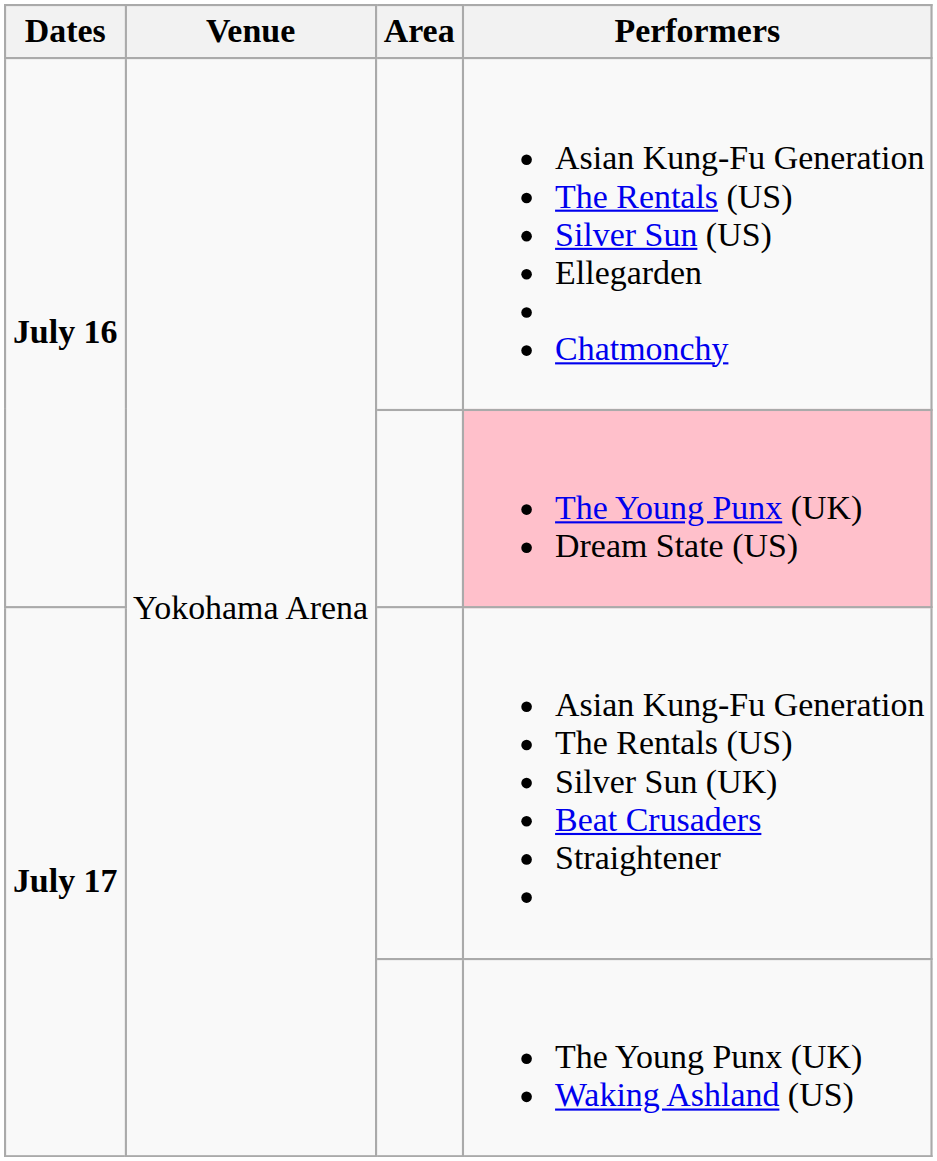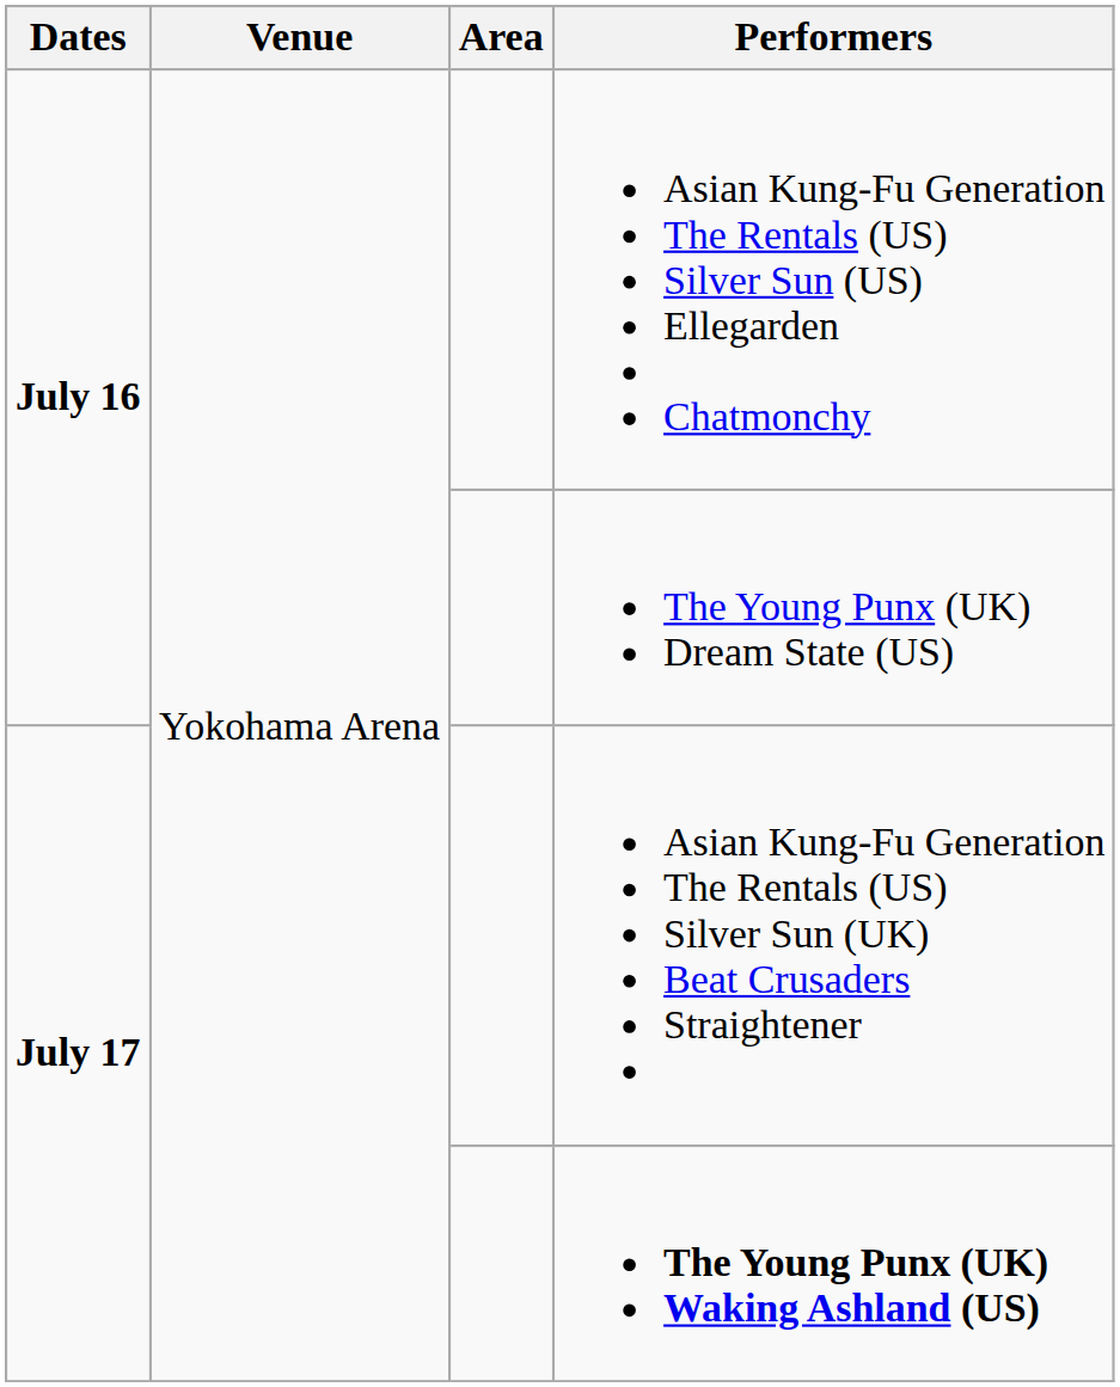 <table class="wikitable">
 <tr>
 <th>Dates</th>
 <th>Venue</th>
 <th>Area</th>
 <th>Performers</th>
 </tr>
 <tr>
 <td rowspan="2"><strong>July 16</strong></td>
 <td rowspan="4">Yokohama Arena</td>
 <td></td>
 <td><br><ul><li>Asian Kung-Fu Generation</li><li><a href='#'>The Rentals</a> (US)</li><li><a href='#'>Silver Sun</a> (US)</li><li>Ellegarden</li><li></li><li><a href='#'>Chatmonchy</a></li></ul></td>
 </tr>
 <tr>
 <td></td>
-<td style="background: pink;"><br><ul><li><a href='#'>The Young Punx</a> (UK)</li><li>Dream State (US)</li></ul></td>
+<td><br><ul><li><a href='#'>The Young Punx</a> (UK)</li><li>Dream State (US)</li></ul></td>
 </tr>
 <tr>
 <td rowspan="2"><strong>July 17</strong></td>
 <td></td>
 <td><br><ul><li>Asian Kung-Fu Generation</li><li>The Rentals (US)</li><li>Silver Sun (UK)</li><li><a href='#'>Beat Crusaders</a></li><li>Straightener</li><li></li></ul></td>
 </tr>
 <tr>
 <td></td>
-<td><br><ul><li>The Young Punx (UK)</li><li><a href='#'>Waking Ashland</a> (US)</li></ul></td>
+<td><strong><br><ul><li>The Young Punx (UK)</li><li><a href='#'>Waking Ashland</a> (US)</li></ul></strong></td>
 </tr>
 </table>
